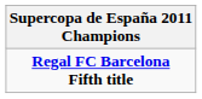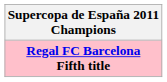 <table class=wikitable style="text-align:center; margin:auto">
 <tr>
 <th>Supercopa de España 2011 <br> Champions</th>
 </tr>
 <tr>
-<td><strong><a href='#'>Regal FC Barcelona</a></strong> <br> <strong>Fifth title</strong></td>
+<td style="background: pink;"><strong><a href='#'>Regal FC Barcelona</a></strong> <br> <strong>Fifth title</strong></td>
 </tr>
 </table>
